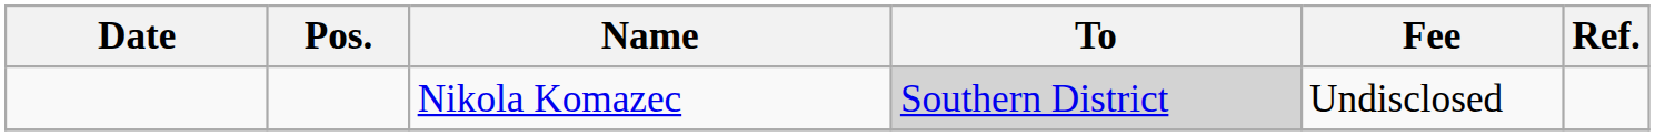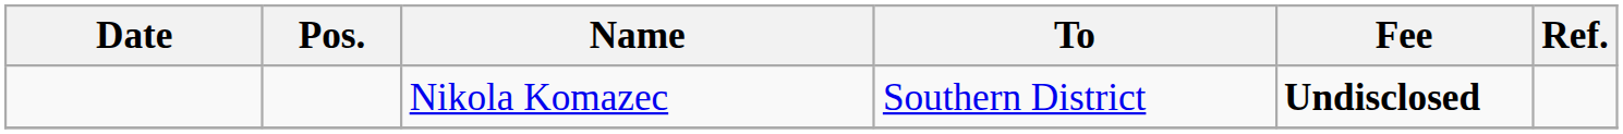 <table class="wikitable">
 <tr>
 <th style="width:100px">Date</th>
 <th style="width:50px">Pos.</th>
 <th style="width:190px">Name</th>
 <th style="width:160px">To</th>
 <th style="width:100px">Fee</th>
 <th style="width:20px">Ref.</th>
 </tr>
 <tr>
 <td></td>
 <td align=center></td>
 <td> <a href='#'>Nikola Komazec</a></td>
-<td style="background: lightgrey;"> <a href='#'>Southern District</a></td>
-<td>Undisclosed</td>
+<td> <a href='#'>Southern District</a></td>
+<td><strong>Undisclosed</strong></td>
 <td></td>
 </tr>
 <tr>
 </tr>
 </table>
